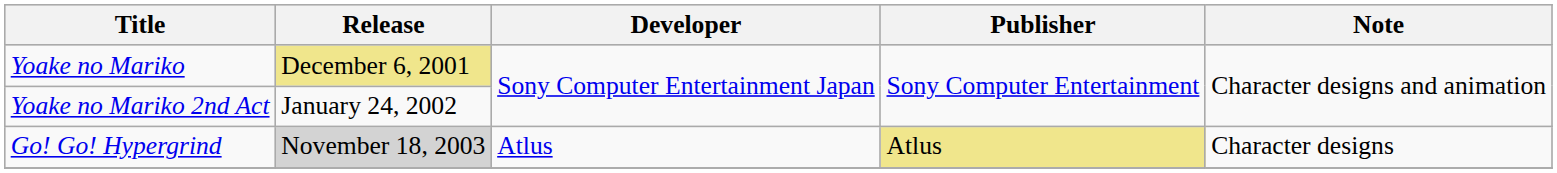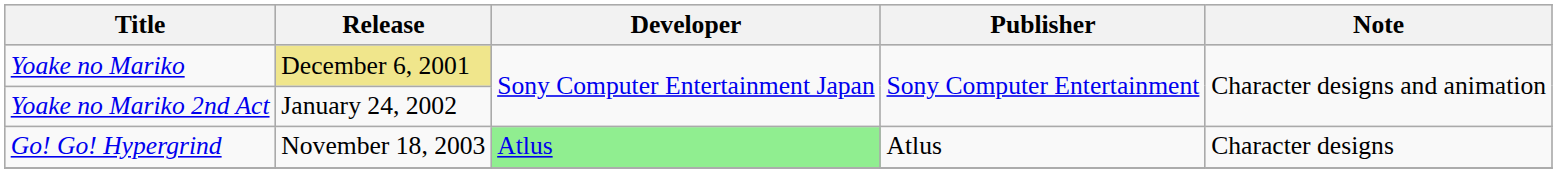 <table class="wikitable" border="1">
 <tr>
 <th>Title</th>
 <th>Release</th>
 <th>Developer</th>
 <th>Publisher</th>
 <th>Note</th>
 </tr>
 <tr>
 <td><em><a href='#'>Yoake no Mariko</a></em></td>
 <td style="background: khaki;">December 6, 2001</td>
 <td rowspan="2"><a href='#'>Sony Computer Entertainment Japan</a></td>
 <td rowspan="2"><a href='#'>Sony Computer Entertainment</a></td>
 <td rowspan="2">Character designs and animation</td>
 </tr>
 <tr>
 <td><em><a href='#'>Yoake no Mariko 2nd Act</a></em></td>
 <td>January 24, 2002</td>
 </tr>
 <tr>
 <td><em><a href='#'>Go! Go! Hypergrind</a></em></td>
-<td style="background: lightgrey;">November 18, 2003</td>
-<td><a href='#'>Atlus</a></td>
-<td style="background: khaki;">Atlus</td>
+<td>November 18, 2003</td>
+<td style="background: lightgreen;"><a href='#'>Atlus</a></td>
+<td>Atlus</td>
 <td>Character designs</td>
 </tr>
 <tr>
 </tr>
 </table>
